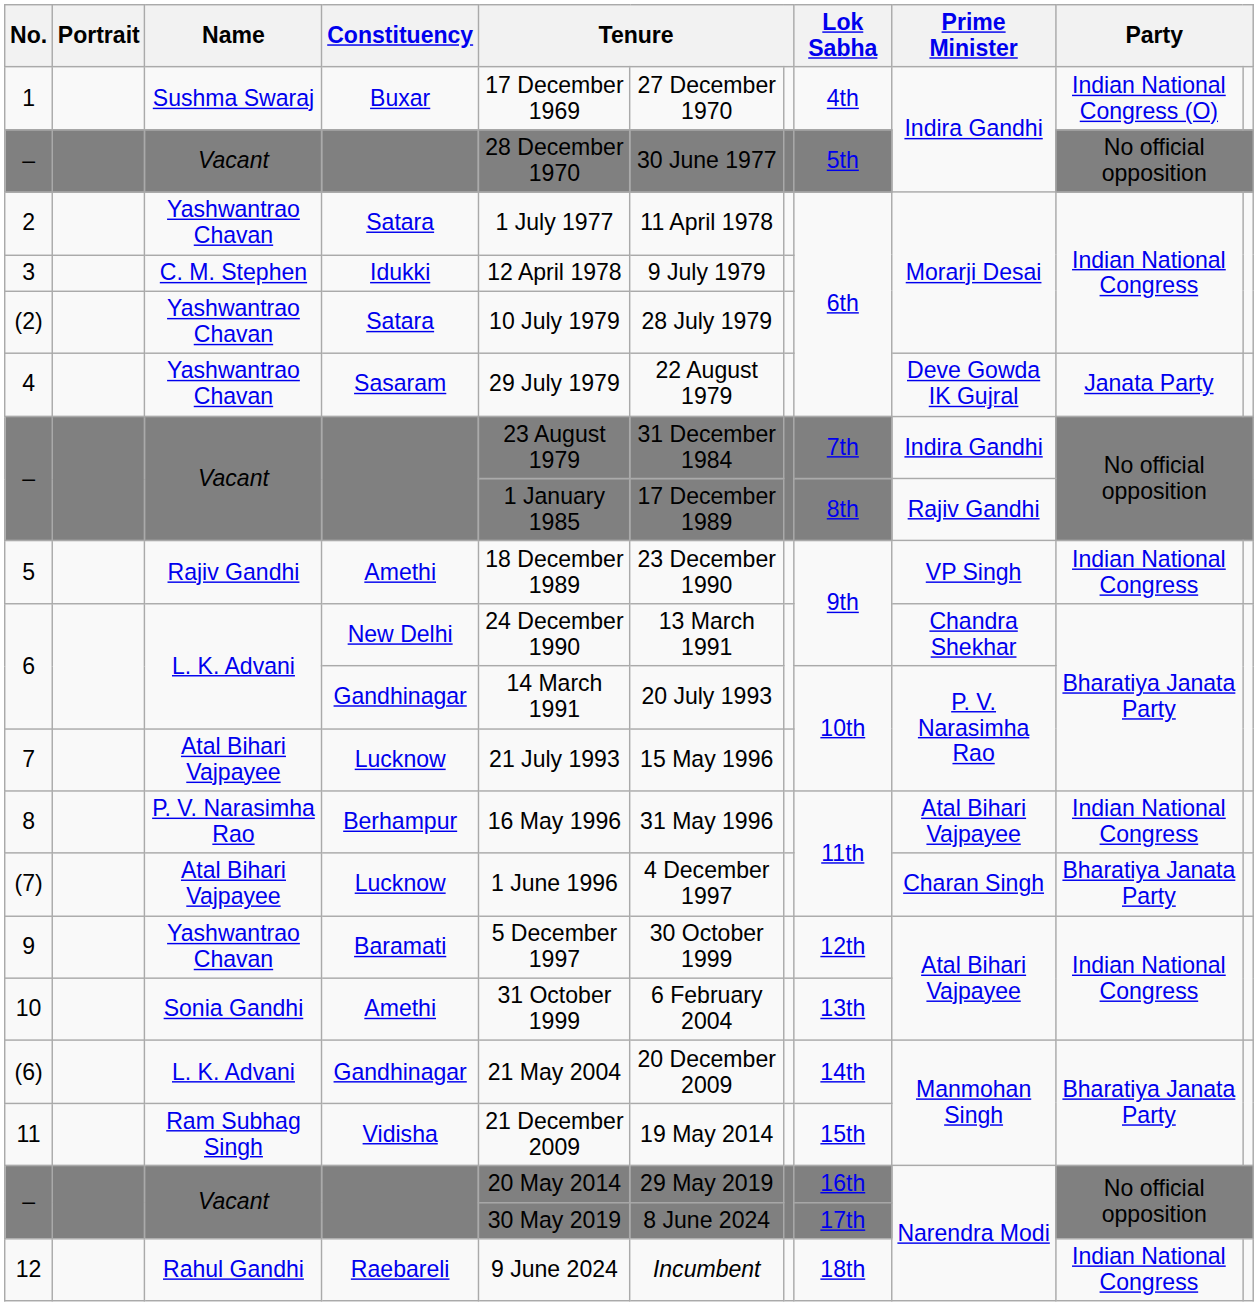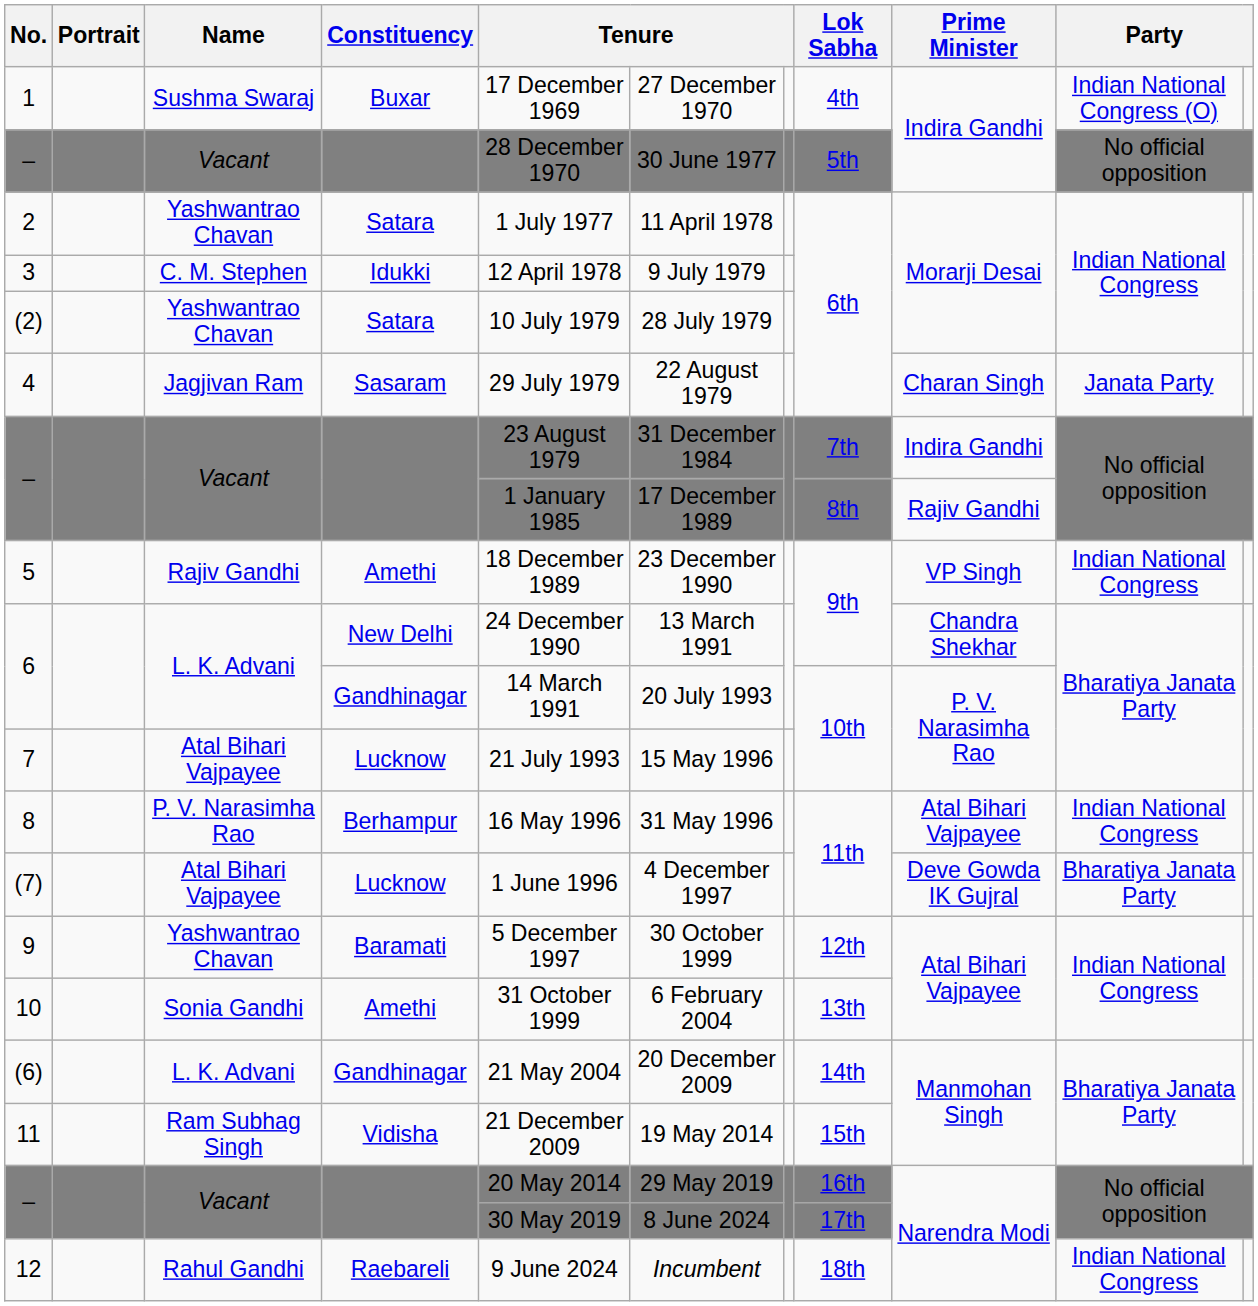 <table class="wikitable mw-collapsible" style="text-align:center">
 <tr>
 <th>No.</th>
 <th>Portrait</th>
 <th>Name</th>
 <th><a href='#'>Constituency</a></th>
 <th colspan="3">Tenure</th>
 <th><a href='#'>Lok Sabha</a></th>
 <th><a href='#'>Prime Minister</a></th>
 <th colspan="2">Party</th>
 </tr>
 <tr>
 <td>1</td>
 <td></td>
 <td><a href='#'>Sushma Swaraj</a></td>
 <td><a href='#'>Buxar</a></td>
 <td>17 December 1969</td>
 <td>27 December 1970</td>
 <td></td>
 <td><a href='#'>4th</a></td>
 <td rowspan="2"><a href='#'>Indira Gandhi</a></td>
 <td><a href='#'>Indian National Congress (O)</a></td>
 <td></td>
 </tr>
 <tr>
 <td Bgcolor="grey">–</td>
 <td Bgcolor="grey"></td>
 <td Bgcolor="grey"><em>Vacant</em></td>
 <td Bgcolor="grey"></td>
 <td Bgcolor="grey">28 December 1970</td>
 <td Bgcolor="grey">30 June 1977</td>
 <td Bgcolor="grey"></td>
 <td Bgcolor="grey"><a href='#'>5th</a></td>
 <td colspan="2" bgcolor="grey">No official opposition</td>
 </tr>
 <tr>
 <td>2</td>
 <td></td>
 <td><a href='#'>Yashwantrao Chavan</a></td>
 <td><a href='#'>Satara</a></td>
 <td>1 July 1977</td>
 <td>11 April 1978</td>
 <td></td>
 <td rowspan="4"><a href='#'>6th</a></td>
 <td rowspan="3"><a href='#'>Morarji Desai</a></td>
 <td rowspan="3"><a href='#'>Indian National Congress</a></td>
 <td rowspan="3"></td>
 </tr>
 <tr>
 <td>3</td>
 <td></td>
 <td><a href='#'>C. M. Stephen</a></td>
 <td><a href='#'>Idukki</a></td>
 <td>12 April 1978</td>
 <td>9 July 1979</td>
 <td></td>
 </tr>
 <tr>
 <td>(2)</td>
 <td></td>
 <td><a href='#'>Yashwantrao Chavan</a></td>
 <td><a href='#'>Satara</a></td>
 <td>10 July 1979</td>
 <td>28 July 1979</td>
 <td></td>
 </tr>
 <tr>
 <td>4</td>
 <td></td>
-<td><a href='#'>Yashwantrao Chavan</a></td>
+<td><a href='#'>Jagjivan Ram</a></td>
 <td><a href='#'>Sasaram</a></td>
 <td>29 July 1979</td>
 <td>22 August 1979</td>
 <td></td>
-<td><a href='#'>Deve Gowda</a><br><a href='#'>IK Gujral</a></td>
+<td><a href='#'>Charan Singh</a></td>
 <td><a href='#'>Janata Party</a></td>
 <td></td>
 </tr>
 <tr>
 <td Bgcolor="grey" rowspan="2">–</td>
 <td Bgcolor="grey"  rowspan="2"></td>
 <td Bgcolor="grey"  rowspan="2"><em>Vacant</em></td>
 <td Bgcolor="grey"  rowspan="2"></td>
 <td Bgcolor="grey">23 August 1979</td>
 <td Bgcolor="grey">31 December 1984</td>
 <td rowspan="2" bgcolor="grey"></td>
 <td Bgcolor="grey"><a href='#'>7th</a></td>
 <td><a href='#'>Indira Gandhi</a></td>
 <td colspan="2" rowspan="2" bgcolor="grey">No official opposition</td>
 </tr>
 <tr>
 <td Bgcolor="grey">1 January 1985</td>
 <td Bgcolor="grey">17 December 1989</td>
 <td Bgcolor="grey"><a href='#'>8th</a></td>
 <td><a href='#'>Rajiv Gandhi</a></td>
 </tr>
 <tr>
 <td>5</td>
 <td></td>
 <td><a href='#'>Rajiv Gandhi</a></td>
 <td><a href='#'>Amethi</a></td>
 <td>18 December 1989</td>
 <td>23 December 1990</td>
 <td></td>
 <td rowspan="2"><a href='#'>9th</a></td>
 <td><a href='#'>VP Singh</a></td>
 <td><a href='#'>Indian National Congress</a></td>
 <td></td>
 </tr>
 <tr>
 <td rowspan="2">6</td>
 <td rowspan="2"></td>
 <td rowspan="2"><a href='#'>L. K. Advani</a></td>
 <td><a href='#'>New Delhi</a></td>
 <td>24 December 1990</td>
 <td>13 March 1991</td>
 <td rowspan="2"></td>
 <td><a href='#'>Chandra Shekhar</a></td>
 <td rowspan="3"><a href='#'>Bharatiya Janata Party</a></td>
 <td rowspan="3"></td>
 </tr>
 <tr>
 <td><a href='#'>Gandhinagar</a></td>
 <td>14 March 1991</td>
 <td>20 July 1993</td>
 <td rowspan="2"><a href='#'>10th</a></td>
 <td rowspan="2"><a href='#'>P. V. Narasimha Rao</a></td>
 </tr>
 <tr>
 <td>7</td>
 <td></td>
 <td><a href='#'>Atal Bihari Vajpayee</a></td>
 <td><a href='#'>Lucknow</a></td>
 <td>21 July 1993</td>
 <td>15 May 1996</td>
 <td></td>
 </tr>
 <tr>
 <td>8</td>
 <td></td>
 <td><a href='#'>P. V. Narasimha Rao</a></td>
 <td><a href='#'>Berhampur</a></td>
 <td>16 May 1996</td>
 <td>31 May 1996</td>
 <td></td>
 <td rowspan="2"><a href='#'>11th</a></td>
 <td><a href='#'>Atal Bihari Vajpayee</a></td>
 <td><a href='#'>Indian National Congress</a></td>
 <td></td>
 </tr>
 <tr>
 <td>(7)</td>
 <td></td>
 <td><a href='#'>Atal Bihari Vajpayee</a></td>
 <td><a href='#'>Lucknow</a></td>
 <td>1 June 1996</td>
 <td>4 December 1997</td>
 <td></td>
-<td><a href='#'>Charan Singh</a></td>
+<td><a href='#'>Deve Gowda</a><br><a href='#'>IK Gujral</a></td>
 <td><a href='#'>Bharatiya Janata Party</a></td>
 <td></td>
 </tr>
 <tr>
 <td>9</td>
 <td></td>
 <td><a href='#'>Yashwantrao Chavan</a></td>
 <td><a href='#'>Baramati</a></td>
 <td>5 December 1997</td>
 <td>30 October 1999</td>
 <td></td>
 <td><a href='#'>12th</a></td>
 <td rowspan="2"><a href='#'>Atal Bihari Vajpayee</a></td>
 <td rowspan="2"><a href='#'>Indian National Congress</a></td>
 <td rowspan="2"></td>
 </tr>
 <tr>
 <td>10</td>
 <td></td>
 <td><a href='#'>Sonia Gandhi</a></td>
 <td><a href='#'>Amethi</a></td>
 <td>31 October 1999</td>
 <td>6 February 2004</td>
 <td></td>
 <td><a href='#'>13th</a></td>
 </tr>
 <tr>
 <td>(6)</td>
 <td></td>
 <td><a href='#'>L. K. Advani</a></td>
 <td><a href='#'>Gandhinagar</a></td>
 <td>21 May 2004</td>
 <td>20 December 2009</td>
 <td></td>
 <td><a href='#'>14th</a></td>
 <td rowspan="2"><a href='#'>Manmohan Singh</a></td>
 <td rowspan="2"><a href='#'>Bharatiya Janata Party</a></td>
 <td rowspan="2"></td>
 </tr>
 <tr>
 <td>11</td>
 <td></td>
 <td><a href='#'>Ram Subhag Singh</a></td>
 <td><a href='#'>Vidisha</a></td>
 <td>21 December 2009</td>
 <td>19 May 2014</td>
 <td></td>
 <td><a href='#'>15th</a></td>
 </tr>
 <tr>
 <td Bgcolor="grey"  rowspan="2">–</td>
 <td Bgcolor="grey"  rowspan="2"></td>
 <td Bgcolor="grey"  rowspan="2"><em>Vacant</em></td>
 <td Bgcolor="grey"  rowspan="2"></td>
 <td Bgcolor="grey">20 May 2014</td>
 <td Bgcolor="grey">29 May 2019</td>
 <td Bgcolor="grey" rowspan="2"></td>
 <td Bgcolor="grey"><a href='#'>16th</a></td>
 <td rowspan="3"><a href='#'>Narendra Modi</a></td>
 <td colspan="2" rowspan="2" bgcolor="grey">No official opposition</td>
 </tr>
 <tr>
 <td Bgcolor="grey">30 May 2019</td>
 <td Bgcolor="grey">8 June 2024</td>
 <td Bgcolor="grey"><a href='#'>17th</a></td>
 </tr>
 <tr>
 <td>12</td>
 <td></td>
 <td><a href='#'>Rahul Gandhi</a></td>
 <td><a href='#'>Raebareli</a></td>
 <td>9 June 2024</td>
 <td><em>Incumbent</em></td>
 <td></td>
 <td><a href='#'>18th</a></td>
 <td><a href='#'>Indian National Congress</a></td>
 <td></td>
 </tr>
 </table>
